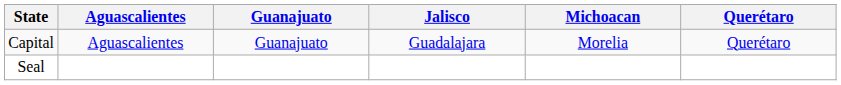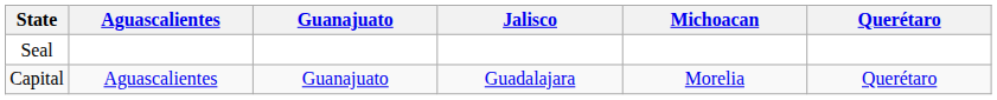 <table class="wikitable">
 <tr style="background:#f2f2f2; text-align:center; vertical-align:top;">
 <td><strong>State</strong></td>
 <td style="width:150px;"><strong><a href='#'>Aguascalientes</a> <br></strong></td>
 <td style="width:150px;"><strong><a href='#'>Guanajuato</a></strong><br></td>
 <td style="width:150px;"><strong><a href='#'>Jalisco</a></strong><br></td>
 <td style="width:150px;"><strong><a href='#'>Michoacan</a></strong><br></td>
 <td style="width:150px;"><strong><a href='#'>Querétaro</a><br></strong></td>
 </tr>
+<tr style="text-align:center; background:#fff;">
+<td>Seal</td>
+<td></td>
+<td></td>
+<td></td>
+<td></td>
+<td></td>
+</tr>
 <tr align="center">
 <td>Capital</td>
 <td><a href='#'>Aguascalientes</a></td>
 <td><a href='#'>Guanajuato</a></td>
 <td><a href='#'>Guadalajara</a></td>
 <td><a href='#'>Morelia</a></td>
 <td><a href='#'>Querétaro</a></td>
 </tr>
-<tr style="text-align:center; background:#fff;">
-<td>Seal</td>
-<td></td>
-<td></td>
-<td></td>
-<td></td>
-<td></td>
-</tr>
 </table>
